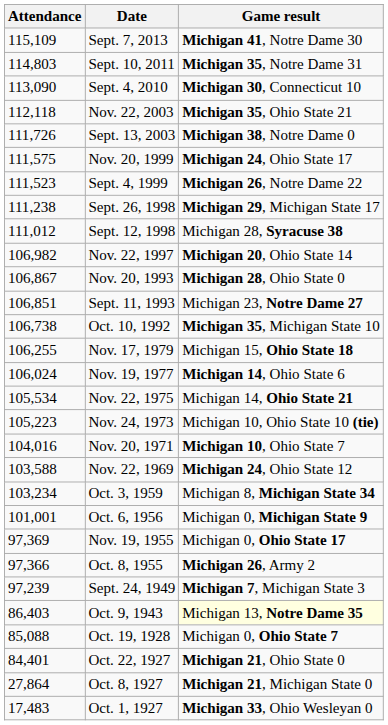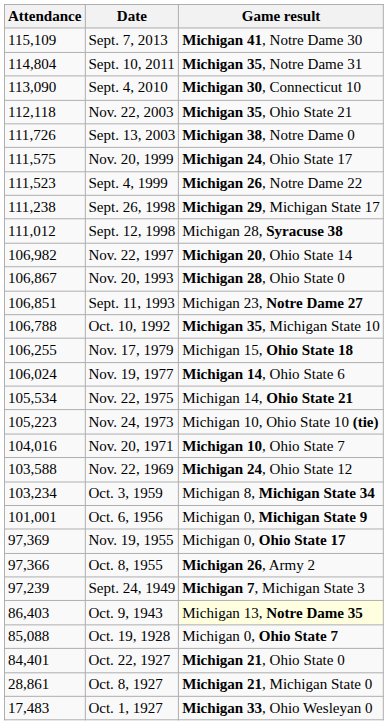 <table class="wikitable">
 <tr>
 <th>Attendance</th>
 <th>Date</th>
 <th>Game result</th>
 </tr>
 <tr>
 <td>115,109</td>
 <td>Sept. 7, 2013</td>
 <td><strong>Michigan 41</strong>, Notre Dame 30</td>
 </tr>
 <tr>
-<td>114,803</td>
+<td>114,804</td>
 <td>Sept. 10, 2011</td>
 <td><strong>Michigan 35</strong>, Notre Dame 31</td>
 </tr>
 <tr>
 <td>113,090</td>
 <td>Sept. 4, 2010</td>
 <td><strong>Michigan 30</strong>, Connecticut 10</td>
 </tr>
 <tr>
 <td>112,118</td>
 <td>Nov. 22, 2003</td>
 <td><strong>Michigan 35</strong>, Ohio State 21</td>
 </tr>
 <tr>
 <td>111,726</td>
 <td>Sept. 13, 2003</td>
 <td><strong>Michigan 38</strong>, Notre Dame 0</td>
 </tr>
 <tr>
 <td>111,575</td>
 <td>Nov. 20, 1999</td>
 <td><strong>Michigan 24</strong>, Ohio State 17</td>
 </tr>
 <tr>
 <td>111,523</td>
 <td>Sept. 4, 1999</td>
 <td><strong>Michigan 26</strong>, Notre Dame 22</td>
 </tr>
 <tr>
 <td>111,238</td>
 <td>Sept. 26, 1998</td>
 <td><strong>Michigan 29</strong>, Michigan State 17</td>
 </tr>
 <tr>
 <td>111,012</td>
 <td>Sept. 12, 1998</td>
 <td>Michigan 28, <strong>Syracuse 38</strong></td>
 </tr>
 <tr>
 <td>106,982</td>
 <td>Nov. 22, 1997</td>
 <td><strong>Michigan 20</strong>, Ohio State 14</td>
 </tr>
 <tr>
 <td>106,867</td>
 <td>Nov. 20, 1993</td>
 <td><strong>Michigan 28</strong>, Ohio State 0</td>
 </tr>
 <tr>
 <td>106,851</td>
 <td>Sept. 11, 1993</td>
 <td>Michigan 23, <strong>Notre Dame 27</strong></td>
 </tr>
 <tr>
-<td>106,738</td>
+<td>106,788</td>
 <td>Oct. 10, 1992</td>
 <td><strong>Michigan 35</strong>, Michigan State 10</td>
 </tr>
 <tr>
 <td>106,255</td>
 <td>Nov. 17, 1979</td>
 <td>Michigan 15, <strong>Ohio State 18</strong></td>
 </tr>
 <tr>
 <td>106,024</td>
 <td>Nov. 19, 1977</td>
 <td><strong>Michigan 14</strong>, Ohio State 6</td>
 </tr>
 <tr>
 <td>105,534</td>
 <td>Nov. 22, 1975</td>
 <td>Michigan 14, <strong>Ohio State 21</strong></td>
 </tr>
 <tr>
 <td>105,223</td>
 <td>Nov. 24, 1973</td>
 <td>Michigan 10, Ohio State 10 <strong>(tie)</strong></td>
 </tr>
 <tr>
 <td>104,016</td>
 <td>Nov. 20, 1971</td>
 <td><strong>Michigan 10</strong>, Ohio State 7</td>
 </tr>
 <tr>
 <td>103,588</td>
 <td>Nov. 22, 1969</td>
 <td><strong>Michigan 24</strong>, Ohio State 12</td>
 </tr>
 <tr>
 <td>103,234</td>
 <td>Oct. 3, 1959</td>
 <td>Michigan 8, <strong>Michigan State 34</strong></td>
 </tr>
 <tr>
 <td>101,001</td>
 <td>Oct. 6, 1956</td>
 <td>Michigan 0, <strong>Michigan State 9</strong></td>
 </tr>
 <tr>
 <td>97,369</td>
 <td>Nov. 19, 1955</td>
 <td>Michigan 0, <strong>Ohio State 17</strong></td>
 </tr>
 <tr>
 <td>97,366</td>
 <td>Oct. 8, 1955</td>
 <td><strong>Michigan 26</strong>, Army 2</td>
 </tr>
 <tr>
 <td>97,239</td>
 <td>Sept. 24, 1949</td>
 <td><strong>Michigan 7</strong>, Michigan  State 3</td>
 </tr>
 <tr>
 <td>86,403</td>
 <td>Oct. 9, 1943</td>
 <td style="background: lightyellow;">Michigan 13, <strong>Notre Dame 35</strong></td>
 </tr>
 <tr>
 <td>85,088</td>
 <td>Oct. 19, 1928</td>
 <td>Michigan 0, <strong>Ohio State 7</strong></td>
 </tr>
 <tr>
 <td>84,401</td>
 <td>Oct. 22, 1927</td>
 <td><strong>Michigan 21</strong>, Ohio State 0</td>
 </tr>
 <tr>
-<td>27,864</td>
+<td>28,861</td>
 <td>Oct. 8, 1927</td>
 <td><strong>Michigan 21</strong>, Michigan  State 0</td>
 </tr>
 <tr>
 <td>17,483</td>
 <td>Oct. 1, 1927</td>
 <td><strong>Michigan 33</strong>, Ohio Wesleyan 0</td>
 </tr>
 </table>
